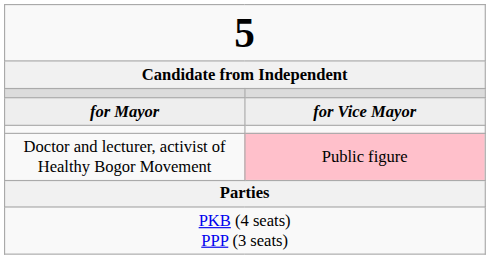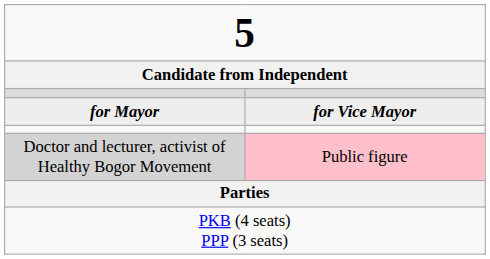 <table class="wikitable" style="font-size:90%; text-align:center;">
 <tr>
 <td colspan=2><big><big><big><big><big><strong>5</strong></big></big></big></big></big></td>
 </tr>
 <tr>
 <td colspan=2 style="background:#f1f1f1;"><strong>Candidate from Independent</strong></td>
 </tr>
 <tr>
 <th style="width:3em; font-size:135%; background:#DCDCDC; width:200px;"></th>
 <th style="width:3em; font-size:135%; background:#DCDCDC; width:200px;"></th>
 </tr>
 <tr style="color:#000; font-size:100%; background:#EEEEEE;">
 <td style="width:3em; width:200px;"><strong><em>for Mayor</em></strong></td>
 <td style="width:3em; width:200px;"><strong><em>for Vice Mayor</em></strong></td>
 </tr>
 <tr>
 <td></td>
 <td></td>
 </tr>
 <tr>
-<td>Doctor and lecturer, activist of Healthy Bogor Movement</td>
+<td style="background: lightgrey;">Doctor and lecturer, activist of Healthy Bogor Movement</td>
 <td style="background: pink;">Public figure</td>
 </tr>
 <tr>
 <td colspan=2 bgcolor="#f1f1f1"><strong>Parties</strong></td>
 </tr>
 <tr>
 <td colspan=2> <a href='#'>PKB</a> (4 seats)<br><a href='#'>PPP</a> (3 seats)</td>
 </tr>
 </table>
